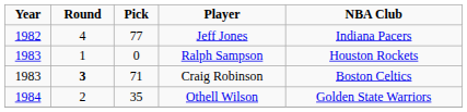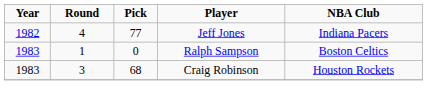 <table class="wikitable" width="64%">
 <tr align="center">
 <td><strong>Year</strong></td>
 <td><strong>Round</strong></td>
 <td><strong>Pick</strong></td>
 <td><strong>Player</strong></td>
 <td><strong>NBA Club</strong></td>
 </tr>
 <tr align="center" bgcolor="">
 <td><a href='#'>1982</a></td>
 <td>4</td>
 <td>77</td>
 <td><a href='#'>Jeff Jones</a></td>
 <td><a href='#'>Indiana Pacers</a></td>
 </tr>
 <tr align="center" bgcolor="">
 <td><a href='#'>1983</a></td>
 <td>1</td>
 <td>0</td>
 <td><a href='#'>Ralph Sampson</a></td>
-<td><a href='#'>Houston Rockets</a></td>
+<td><a href='#'>Boston Celtics</a></td>
 </tr>
 <tr align="center" bgcolor="">
 <td>1983</td>
-<td><strong>3</strong></td>
-<td>71</td>
+<td>3</td>
+<td>68</td>
 <td>Craig Robinson</td>
-<td><a href='#'>Boston Celtics</a></td>
-</tr>
-<tr align="center" bgcolor="">
-<td><a href='#'>1984</a></td>
-<td>2</td>
-<td>35</td>
-<td><a href='#'>Othell Wilson</a></td>
-<td><a href='#'>Golden State Warriors</a></td>
+<td><a href='#'>Houston Rockets</a></td>
 </tr>
 <tr align="center" bgcolor="">
 </tr>
 </table>
